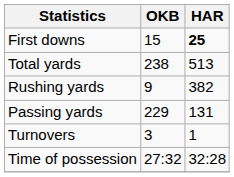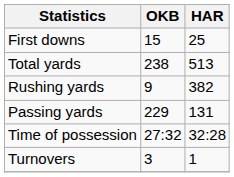 <table class="wikitable" style="float: left;">
 <tr>
 <th>Statistics</th>
 <th>OKB</th>
 <th>HAR</th>
 </tr>
 <tr>
 <td>First downs</td>
 <td>15</td>
-<td><strong>25</strong></td>
+<td>25</td>
 </tr>
 <tr>
 <td>Total yards</td>
 <td>238</td>
 <td>513</td>
 </tr>
 <tr>
 <td>Rushing yards</td>
 <td>9</td>
 <td>382</td>
 </tr>
 <tr>
 <td>Passing yards</td>
 <td>229</td>
 <td>131</td>
 </tr>
 <tr>
+<td>Time of possession</td>
+<td>27:32</td>
+<td>32:28</td>
+</tr>
+<tr>
 <td>Turnovers</td>
 <td>3</td>
 <td>1</td>
 </tr>
 <tr>
-<td>Time of possession</td>
-<td>27:32</td>
-<td>32:28</td>
-</tr>
-<tr>
 </tr>
 </table>
